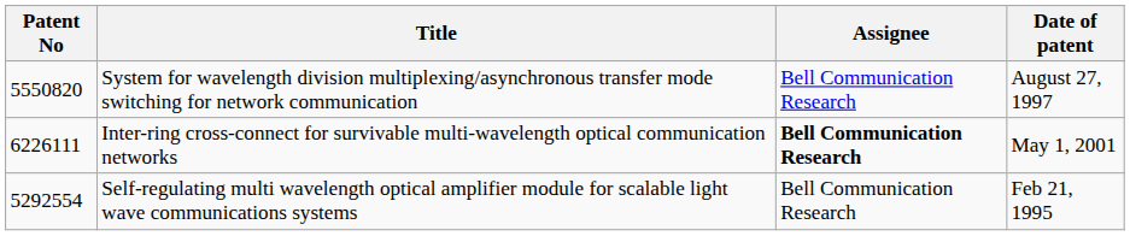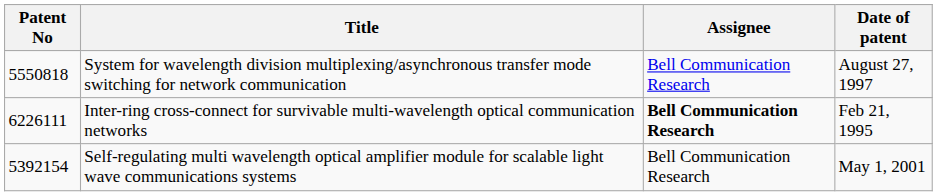 <table class="wikitable sortable">
 <tr>
 <th>Patent No</th>
 <th>Title</th>
 <th>Assignee</th>
 <th>Date of patent</th>
 </tr>
 <tr>
-<td>5550820</td>
+<td>5550818</td>
 <td>System for wavelength division multiplexing/asynchronous transfer mode switching for network communication</td>
 <td><a href='#'>Bell Communication Research</a></td>
 <td>August 27, 1997</td>
 </tr>
 <tr>
 <td>6226111</td>
 <td>Inter-ring cross-connect for survivable multi-wavelength optical communication networks</td>
 <td><strong>Bell Communication Research</strong></td>
+<td>Feb 21, 1995</td>
+</tr>
+<tr>
+<td>5392154</td>
+<td>Self-regulating multi wavelength optical amplifier module for scalable light wave communications systems</td>
+<td>Bell Communication Research</td>
 <td>May 1, 2001</td>
 </tr>
-<tr>
-<td>5292554</td>
-<td>Self-regulating multi wavelength optical amplifier module for scalable light wave communications systems</td>
-<td>Bell Communication Research</td>
-<td>Feb 21, 1995</td>
-</tr>
 </table>
